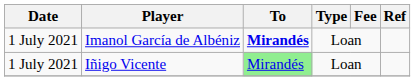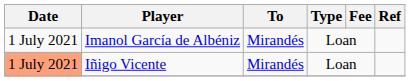 <table class="wikitable">
 <tr>
 <th>Date</th>
 <th>Player</th>
 <th>To</th>
 <th>Type</th>
 <th>Fee</th>
 <th>Ref</th>
 </tr>
 <tr>
 <td>1 July 2021</td>
 <td> <a href='#'>Imanol García de Albéniz</a></td>
-<td><strong><a href='#'>Mirandés</a></strong></td>
+<td><a href='#'>Mirandés</a></td>
 <td align=center colspan=2>Loan</td>
 <td align=center></td>
 </tr>
 <tr>
-<td>1 July 2021</td>
+<td style="background: lightsalmon;">1 July 2021</td>
 <td> <a href='#'>Iñigo Vicente</a></td>
-<td style="background: lightgreen;"><a href='#'>Mirandés</a></td>
+<td><a href='#'>Mirandés</a></td>
 <td align=center colspan=2>Loan</td>
 <td align=center></td>
 </tr>
 <tr>
 </tr>
 </table>
